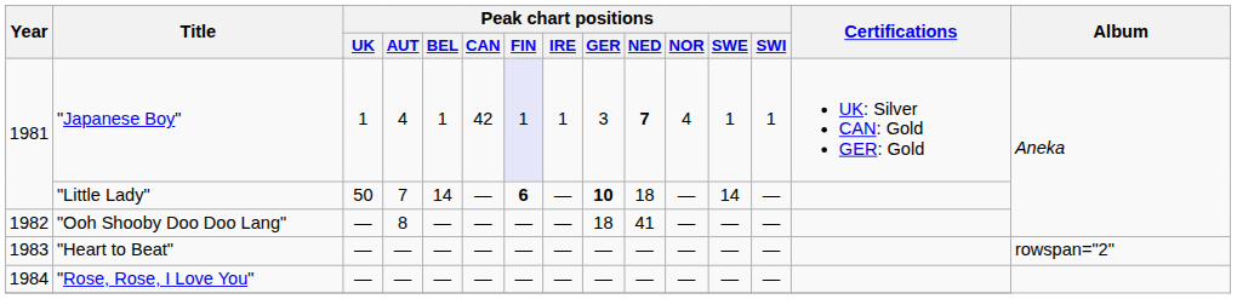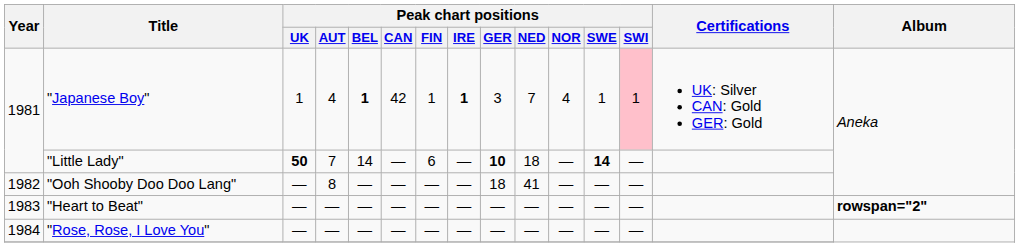 <table class="wikitable">
 <tr>
 <th rowspan="2" style="width:2em;">Year</th>
 <th rowspan="2" style="width:16em;">Title</th>
 <th colspan="11">Peak chart positions</th>
 <th rowspan="2" style="width:12em;"><a href='#'>Certifications</a></th>
 <th rowspan="2" style="width:12em;">Album</th>
 </tr>
 <tr>
 <th style="width:2em;font-size:90%;"><a href='#'>UK</a><br></th>
 <th style="width:2em;font-size:90%;"><a href='#'>AUT</a><br></th>
 <th style="width:2em;font-size:90%;"><a href='#'>BEL</a><br></th>
 <th style="width:2em;font-size:90%;"><a href='#'>CAN</a><br></th>
 <th style="width:2em;font-size:90%;"><a href='#'>FIN</a><br></th>
 <th style="width:2em;font-size:90%;"><a href='#'>IRE</a><br></th>
 <th style="width:2em;font-size:90%;"><a href='#'>GER</a><br></th>
 <th style="width:2em;font-size:90%;"><a href='#'>NED</a><br></th>
 <th style="width:2em;font-size:90%;"><a href='#'>NOR</a><br></th>
 <th style="width:2em;font-size:90%;"><a href='#'>SWE</a><br></th>
 <th style="width:2em;font-size:90%;"><a href='#'>SWI</a><br></th>
 </tr>
 <tr>
 <td rowspan="2">1981</td>
 <td>"<a href='#'>Japanese Boy</a>"</td>
 <td align="center">1</td>
 <td align="center">4</td>
+<td align="center"><strong>1</strong></td>
+<td align="center">42</td>
 <td align="center">1</td>
-<td align="center">42</td>
-<td align="center" style="background: lavender;">1</td>
-<td align="center">1</td>
+<td align="center"><strong>1</strong></td>
 <td align="center">3</td>
-<td align="center"><strong>7</strong></td>
+<td align="center">7</td>
 <td align="center">4</td>
 <td align="center">1</td>
-<td align="center">1</td>
+<td align="center" style="background: pink;">1</td>
 <td><br><ul><li><a href='#'>UK</a>: Silver</li><li><a href='#'>CAN</a>: Gold</li><li><a href='#'>GER</a>: Gold</li></ul></td>
 <td rowspan="3"><em>Aneka</em></td>
 </tr>
 <tr>
 <td>"Little Lady"</td>
-<td align="center">50</td>
+<td align="center"><strong>50</strong></td>
 <td align="center">7</td>
 <td align="center">14</td>
 <td align="center">—</td>
-<td align="center"><strong>6</strong></td>
+<td align="center">6</td>
 <td align="center">—</td>
 <td align="center"><strong>10</strong></td>
 <td align="center">18</td>
 <td align="center">—</td>
-<td align="center">14</td>
+<td align="center"><strong>14</strong></td>
 <td align="center">—</td>
 <td></td>
 </tr>
 <tr>
 <td>1982</td>
 <td>"Ooh Shooby Doo Doo Lang"</td>
 <td align="center">—</td>
 <td align="center">8</td>
 <td align="center">—</td>
 <td align="center">—</td>
 <td align="center">—</td>
 <td align="center">—</td>
 <td align="center">18</td>
 <td align="center">41</td>
 <td align="center">—</td>
 <td align="center">—</td>
 <td align="center">—</td>
 <td></td>
 </tr>
 <tr>
 <td>1983</td>
 <td>"Heart to Beat"</td>
 <td align="center">—</td>
 <td align="center">—</td>
 <td align="center">—</td>
 <td align="center">—</td>
 <td align="center">—</td>
 <td align="center">—</td>
 <td align="center">—</td>
 <td align="center">—</td>
 <td align="center">—</td>
 <td align="center">—</td>
 <td align="center">—</td>
 <td></td>
-<td>rowspan="2" </td>
+<td><strong>rowspan="2" </strong></td>
 </tr>
 <tr>
 <td>1984</td>
 <td>"<a href='#'>Rose, Rose, I Love You</a>"</td>
 <td align="center">—</td>
 <td align="center">—</td>
 <td align="center">—</td>
 <td align="center">—</td>
 <td align="center">—</td>
 <td align="center">—</td>
 <td align="center">—</td>
 <td align="center">—</td>
 <td align="center">—</td>
 <td align="center">—</td>
 <td align="center">—</td>
 <td></td>
 </tr>
 <tr>
 </tr>
 </table>
